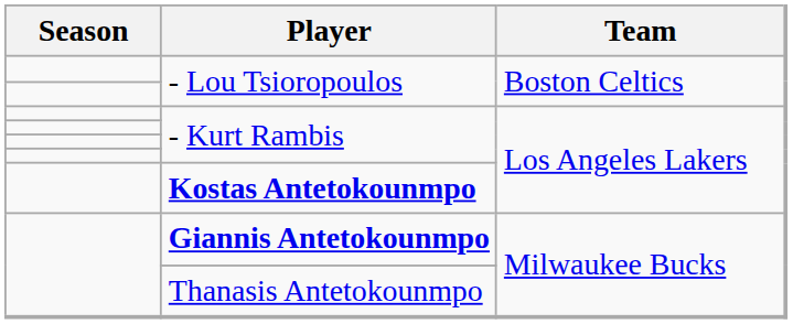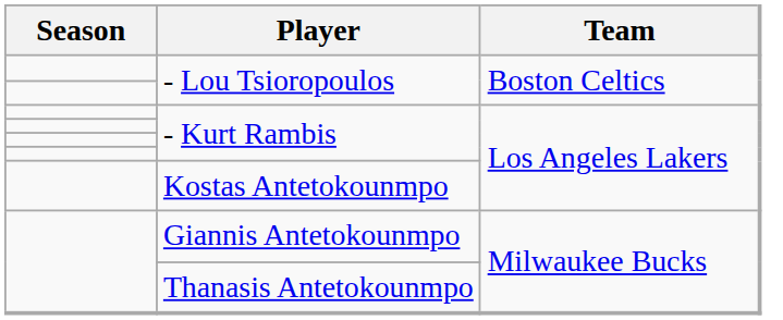 <table class="wikitable sortable"| border=1 cellpadding=4 cellspacing=0 class="toccolours" border=" 1px solid #7f7f7f" style="margin: 0.5em 0 0 0; border-style: solid; border-right-width: 2px; border-bottom-width: 2px; border-collapse: collapse; font-size: 95%">
 <tr>
 <th bgcolor="#efefef" width="20%">Season</th>
 <th bgcolor="#efefef" width="43%">Player</th>
 <th bgcolor="#efefef" width="37%">Team</th>
 </tr>
 <tr>
 <td style="text-align:center;"></td>
 <td rowspan=2>- <a href='#'>Lou Tsioropoulos</a></td>
 <td rowspan=2><a href='#'>Boston Celtics</a></td>
 </tr>
 <tr>
 <td style="text-align:center;"></td>
 </tr>
 <tr>
 <td style="text-align:center;"></td>
 <td rowspan=4>- <a href='#'>Kurt Rambis</a></td>
 <td rowspan=5><a href='#'>Los Angeles Lakers</a></td>
 </tr>
 <tr>
 <td style="text-align:center;"></td>
 </tr>
 <tr>
 <td style="text-align:center;"></td>
 </tr>
 <tr>
 <td style="text-align:center;"></td>
 </tr>
 <tr>
 <td style="text-align:center;"></td>
-<td><strong> <a href='#'>Kostas Antetokounmpo</a></strong></td>
+<td> <a href='#'>Kostas Antetokounmpo</a></td>
 </tr>
 <tr>
 <td rowspan=2style="text-align:center;"></td>
-<td><strong> <a href='#'>Giannis Antetokounmpo</a></strong></td>
+<td> <a href='#'>Giannis Antetokounmpo</a></td>
 <td rowspan=6><a href='#'>Milwaukee Bucks</a></td>
 </tr>
 <tr>
 <td> <a href='#'>Thanasis Antetokounmpo</a></td>
 </tr>
 </table>
